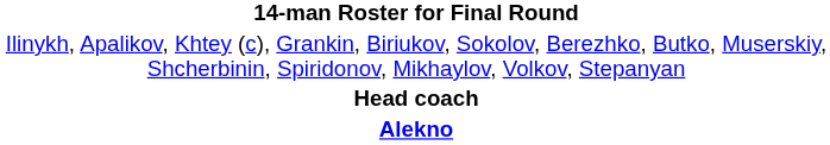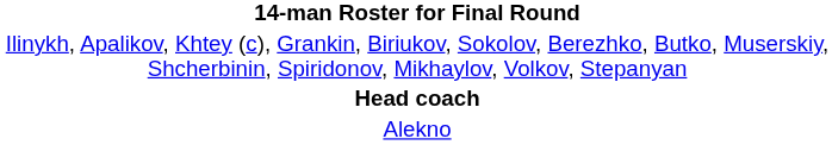 <table style="text-align: center; margin-top: 2em; margin-left: auto; margin-right: auto">
 <tr>
 <td><strong>14-man Roster for Final Round</strong></td>
 </tr>
 <tr>
 <td><a href='#'>Ilinykh</a>, <a href='#'>Apalikov</a>, <a href='#'>Khtey</a> (<a href='#'>c</a>), <a href='#'>Grankin</a>, <a href='#'>Biriukov</a>, <a href='#'>Sokolov</a>, <a href='#'>Berezhko</a>, <a href='#'>Butko</a>, <a href='#'>Muserskiy</a>, <a href='#'>Shcherbinin</a>, <a href='#'>Spiridonov</a>, <a href='#'>Mikhaylov</a>, <a href='#'>Volkov</a>, <a href='#'>Stepanyan</a></td>
 </tr>
 <tr>
 <td><strong>Head coach</strong></td>
 </tr>
 <tr>
-<td><strong><a href='#'>Alekno</a></strong></td>
+<td><a href='#'>Alekno</a></td>
 </tr>
 </table>
